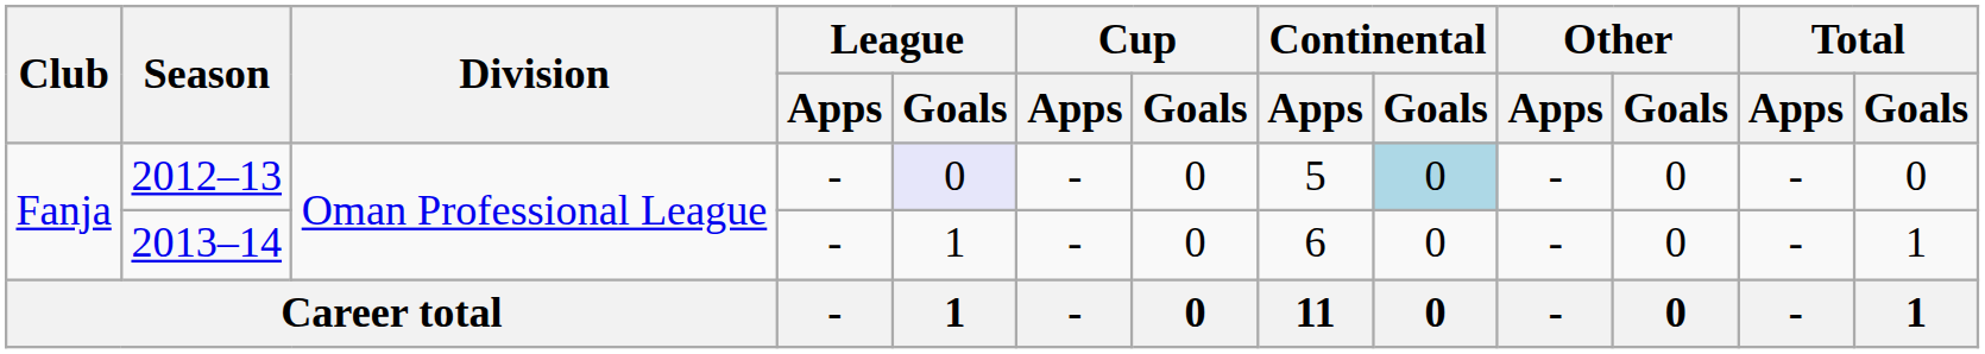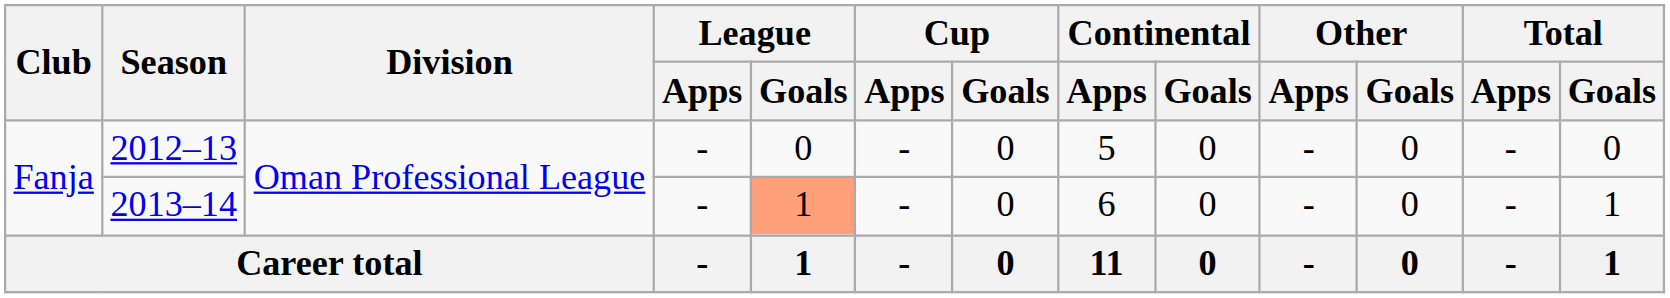 <table class="wikitable" style="text-align: center;">
 <tr>
 <th rowspan="2">Club</th>
 <th rowspan="2">Season</th>
 <th rowspan="2">Division</th>
 <th colspan="2">League</th>
 <th colspan="2">Cup</th>
 <th colspan="2">Continental</th>
 <th colspan="2">Other</th>
 <th colspan="2">Total</th>
 </tr>
 <tr>
 <th>Apps</th>
 <th>Goals</th>
 <th>Apps</th>
 <th>Goals</th>
 <th>Apps</th>
 <th>Goals</th>
 <th>Apps</th>
 <th>Goals</th>
 <th>Apps</th>
 <th>Goals</th>
 </tr>
 <tr>
 <td rowspan=2><a href='#'>Fanja</a></td>
 <td><a href='#'>2012–13</a></td>
 <td rowspan=2><a href='#'>Oman Professional League</a></td>
 <td>-</td>
-<td style="background: lavender;">0</td>
+<td>0</td>
 <td>-</td>
 <td>0</td>
 <td>5</td>
-<td style="background: lightblue;">0</td>
+<td>0</td>
 <td>-</td>
 <td>0</td>
 <td>-</td>
 <td>0</td>
 </tr>
 <tr>
 <td><a href='#'>2013–14</a></td>
 <td>-</td>
-<td>1</td>
+<td style="background: lightsalmon;">1</td>
 <td>-</td>
 <td>0</td>
 <td>6</td>
 <td>0</td>
 <td>-</td>
 <td>0</td>
 <td>-</td>
 <td>1</td>
 </tr>
 <tr>
 <th colspan="3">Career total</th>
 <th>-</th>
 <th>1</th>
 <th>-</th>
 <th>0</th>
 <th>11</th>
 <th>0</th>
 <th>-</th>
 <th>0</th>
 <th>-</th>
 <th>1</th>
 </tr>
 </table>
